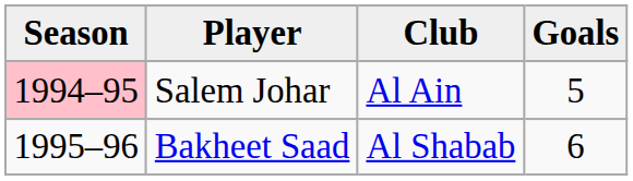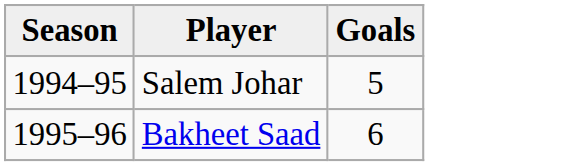 <table class="wikitable sortable">
 <tr>
 <th style="background:#efefef;">Season</th>
 <th style="background:#efefef;">Player</th>
-<th style="background:#efefef;">Club</th>
 <th style="background:#efefef;">Goals</th>
 </tr>
 <tr>
-<td style="background: pink;">1994–95</td>
+<td>1994–95</td>
 <td> Salem Johar</td>
-<td><a href='#'>Al Ain</a></td>
 <td style="text-align:center;">5</td>
 </tr>
 <tr>
 <td>1995–96</td>
 <td> <a href='#'>Bakheet Saad</a></td>
-<td><a href='#'>Al Shabab</a></td>
 <td style="text-align:center;">6</td>
 </tr>
 </table>
